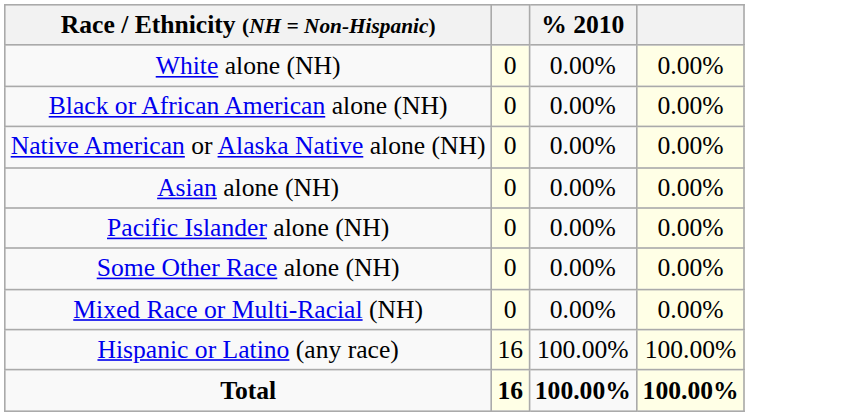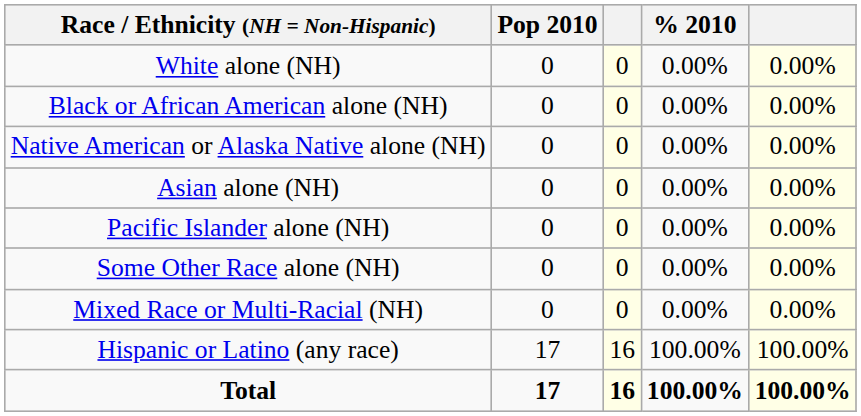 <table class="wikitable" style="text-align:center;">
 <tr>
 <th>Race / Ethnicity <small>(<em>NH = Non-Hispanic</em>)</small></th>
+<th>Pop 2010</th>
 <th></th>
 <th>% 2010</th>
 <th></th>
 </tr>
 <tr>
 <td><a href='#'>White</a> alone (NH)</td>
+<td>0</td>
 <td style='background: #ffffe6;'>0</td>
 <td>0.00%</td>
 <td style='background: #ffffe6;'>0.00%</td>
 </tr>
 <tr>
 <td><a href='#'>Black or African American</a> alone (NH)</td>
+<td>0</td>
 <td style='background: #ffffe6;'>0</td>
 <td>0.00%</td>
 <td style='background: #ffffe6;'>0.00%</td>
 </tr>
 <tr>
 <td><a href='#'>Native American</a> or <a href='#'>Alaska Native</a> alone (NH)</td>
+<td>0</td>
 <td style='background: #ffffe6;'>0</td>
 <td>0.00%</td>
 <td style='background: #ffffe6;'>0.00%</td>
 </tr>
 <tr>
 <td><a href='#'>Asian</a> alone (NH)</td>
+<td>0</td>
 <td style='background: #ffffe6;'>0</td>
 <td>0.00%</td>
 <td style='background: #ffffe6;'>0.00%</td>
 </tr>
 <tr>
 <td><a href='#'>Pacific Islander</a> alone (NH)</td>
+<td>0</td>
 <td style='background: #ffffe6;'>0</td>
 <td>0.00%</td>
 <td style='background: #ffffe6;'>0.00%</td>
 </tr>
 <tr>
 <td><a href='#'>Some Other Race</a> alone (NH)</td>
+<td>0</td>
 <td style='background: #ffffe6;'>0</td>
 <td>0.00%</td>
 <td style='background: #ffffe6;'>0.00%</td>
 </tr>
 <tr>
 <td><a href='#'>Mixed Race or Multi-Racial</a> (NH)</td>
+<td>0</td>
 <td style='background: #ffffe6;'>0</td>
 <td>0.00%</td>
 <td style='background: #ffffe6;'>0.00%</td>
 </tr>
 <tr>
 <td><a href='#'>Hispanic or Latino</a> (any race)</td>
+<td>17</td>
 <td style='background: #ffffe6;'>16</td>
 <td>100.00%</td>
 <td style='background: #ffffe6;'>100.00%</td>
 </tr>
 <tr>
 <td><strong>Total</strong></td>
+<td><strong>17</strong></td>
 <td style='background: #ffffe6;'><strong>16</strong></td>
 <td><strong>100.00%</strong></td>
 <td style='background: #ffffe6;'><strong>100.00%</strong></td>
 </tr>
 </table>
